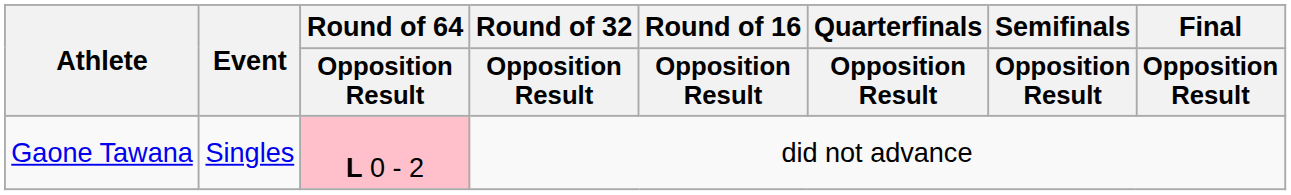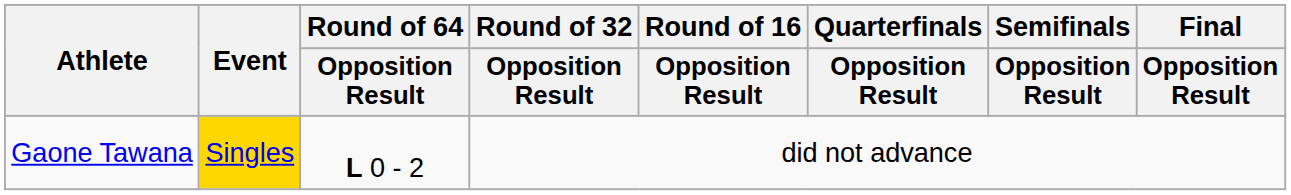 <table class="wikitable" style="font-size:90%">
 <tr>
 <th rowspan=2>Athlete</th>
 <th rowspan=2>Event</th>
 <th>Round of 64</th>
 <th>Round of 32</th>
 <th>Round of 16</th>
 <th>Quarterfinals</th>
 <th>Semifinals</th>
 <th colspan=2>Final</th>
 </tr>
 <tr style="font-size:95%">
 <th>Opposition<br>Result</th>
 <th>Opposition<br>Result</th>
 <th>Opposition<br>Result</th>
 <th>Opposition<br>Result</th>
 <th>Opposition<br>Result</th>
 <th>Opposition<br>Result</th>
 </tr>
 <tr align=center>
 <td align=left><a href='#'>Gaone Tawana</a></td>
-<td align=left><a href='#'>Singles</a></td>
-<td style="background: pink;"><br><strong>L</strong> 0 - 2</td>
+<td align=left style="background: gold;"><a href='#'>Singles</a></td>
+<td><br><strong>L</strong> 0 - 2</td>
 <td colspan=5>did not advance</td>
 </tr>
 </table>
